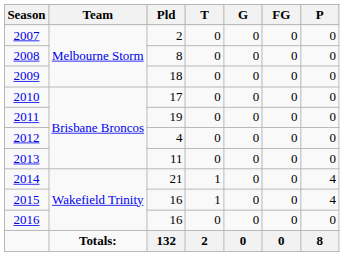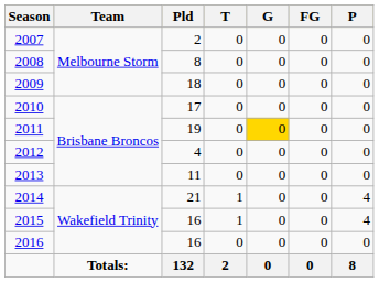 <table class="wikitable" style="border-collapse:collapse;text-align:center">
 <tr bgcolor=#bdb76b>
 <th>Season</th>
 <th>Team</th>
 <th width="40">Pld</th>
 <th width="40">T</th>
 <th width="40">G</th>
 <th width="40">FG</th>
 <th width="40">P</th>
 </tr>
 <tr>
 <td><a href='#'>2007</a></td>
 <td rowspan="3"> <a href='#'>Melbourne Storm</a></td>
 <td align="right">2</td>
 <td align="right">0</td>
 <td align="right">0</td>
 <td align="right">0</td>
 <td align="right">0</td>
 </tr>
 <tr>
 <td><a href='#'>2008</a></td>
 <td align="right">8</td>
 <td align="right">0</td>
 <td align="right">0</td>
 <td align="right">0</td>
 <td align="right">0</td>
 </tr>
 <tr>
 <td><a href='#'>2009</a></td>
 <td align="right">18</td>
 <td align="right">0</td>
 <td align="right">0</td>
 <td align="right">0</td>
 <td align="right">0</td>
 </tr>
 <tr>
 <td><a href='#'>2010</a></td>
 <td rowspan="4"> <a href='#'>Brisbane Broncos</a></td>
 <td align="right">17</td>
 <td align="right">0</td>
 <td align="right">0</td>
 <td align="right">0</td>
 <td align="right">0</td>
 </tr>
 <tr>
 <td><a href='#'>2011</a></td>
 <td align="right">19</td>
 <td align="right">0</td>
-<td align="right">0</td>
+<td align="right" style="background: gold;">0</td>
 <td align="right">0</td>
 <td align="right">0</td>
 </tr>
 <tr>
 <td><a href='#'>2012</a></td>
 <td align="right">4</td>
 <td align="right">0</td>
 <td align="right">0</td>
 <td align="right">0</td>
 <td align="right">0</td>
 </tr>
 <tr>
 <td><a href='#'>2013</a></td>
 <td align="right">11</td>
 <td align="right">0</td>
 <td align="right">0</td>
 <td align="right">0</td>
 <td align="right">0</td>
 </tr>
 <tr>
 <td><a href='#'>2014</a></td>
 <td rowspan="3"> <a href='#'>Wakefield Trinity</a></td>
 <td align="right">21</td>
 <td align="right">1</td>
 <td align="right">0</td>
 <td align="right">0</td>
 <td align="right">4</td>
 </tr>
 <tr>
 <td><a href='#'>2015</a></td>
 <td align="right">16</td>
 <td align="right">1</td>
 <td align="right">0</td>
 <td align="right">0</td>
 <td align="right">4</td>
 </tr>
 <tr>
 <td><a href='#'>2016</a></td>
 <td align="right">16</td>
 <td align="right">0</td>
 <td align="right">0</td>
 <td align="right">0</td>
 <td align="right">0</td>
 </tr>
 <tr>
 <td></td>
 <td><strong>Totals:</strong></td>
 <th align="right"><strong>132</strong></th>
 <th align="right"><strong>2</strong></th>
 <th align="right"><strong>0</strong></th>
 <th align="right"><strong>0</strong></th>
 <th align="right"><strong>8</strong></th>
 </tr>
 </table>
